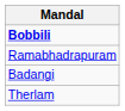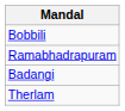 <table class="wikitable sortable static-row-numbers static-row-header-hash">
 <tr>
 <th>Mandal</th>
 </tr>
 <tr>
-<td><strong><a href='#'>Bobbili</a></strong></td>
+<td><a href='#'>Bobbili</a></td>
 </tr>
 <tr>
 <td><a href='#'>Ramabhadrapuram</a></td>
 </tr>
 <tr>
 <td><a href='#'>Badangi</a></td>
 </tr>
 <tr>
 <td><a href='#'>Therlam</a></td>
 </tr>
 </table>
